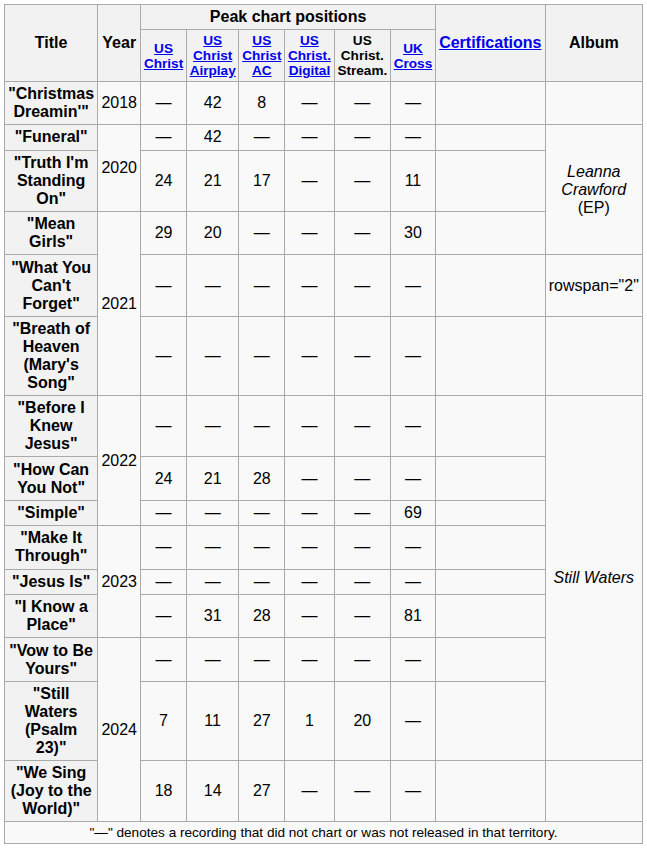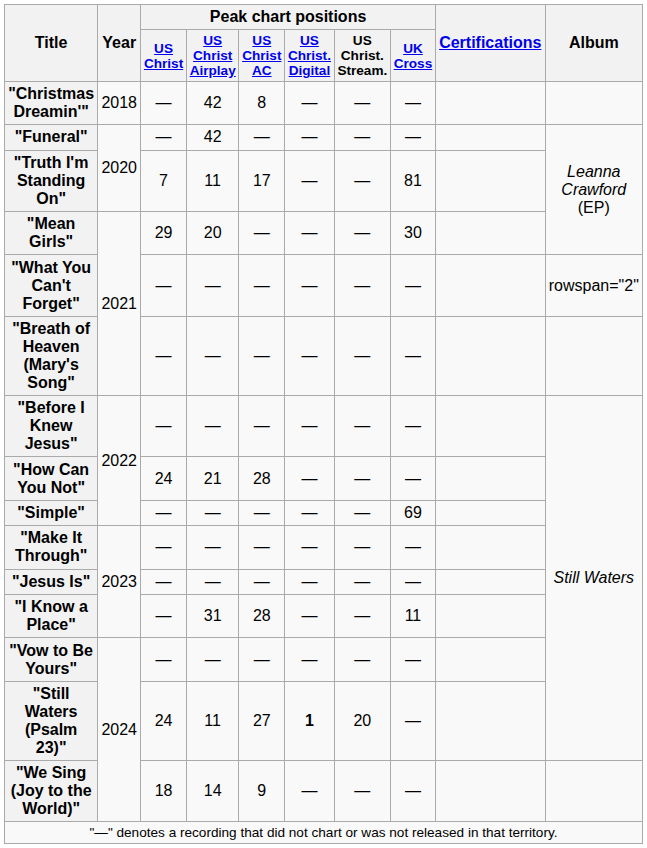 <table class="wikitable plainrowheaders" style="text-align:center;">
 <tr>
 <th rowspan="2" scope="col" style="width:16em;">Title</th>
 <th rowspan="2">Year</th>
 <th colspan="6">Peak chart positions</th>
 <th rowspan="2"><a href='#'>Certifications</a></th>
 <th rowspan="2">Album</th>
 </tr>
 <tr>
 <th scope="col" style="width:3em;font-size:85%;"><a href='#'>US<br>Christ</a><br></th>
 <th scope="col" style="width:3em;font-size:85%;"><a href='#'>US<br>Christ<br>Airplay</a><br></th>
 <th scope="col" style="width:3em;font-size:85%;"><a href='#'>US<br>Christ<br>AC</a><br></th>
 <th scope="col" style="width:3em;font-size:85%;"><a href='#'>US<br>Christ.<br>Digital</a><br></th>
 <th scope="col" style="width:3em;font-size:85%;">US<br>Christ.<br>Stream.<br></th>
 <th scope="col" style="width:3em;font-size:85%;"><a href='#'>UK<br>Cross</a><br></th>
 </tr>
 <tr>
 <th scope="row">"Christmas Dreamin'"</th>
 <td>2018</td>
 <td>—</td>
 <td>42</td>
 <td>8</td>
 <td>—</td>
 <td>—</td>
 <td>—</td>
 <td></td>
 <td></td>
 </tr>
 <tr>
 <th scope="row">"Funeral"</th>
 <td rowspan="2">2020</td>
 <td>—</td>
 <td>42</td>
 <td>—</td>
 <td>—</td>
 <td>—</td>
 <td>—</td>
 <td></td>
 <td rowspan="3"><em>Leanna Crawford</em> (EP)</td>
 </tr>
 <tr>
 <th scope="row">"Truth I'm Standing On"</th>
-<td>24</td>
-<td>21</td>
+<td>7</td>
+<td>11</td>
 <td>17</td>
 <td>—</td>
 <td>—</td>
-<td>11</td>
+<td>81</td>
 <td></td>
 </tr>
 <tr>
 <th scope="row">"Mean Girls"<br></th>
 <td rowspan="3">2021</td>
 <td>29</td>
 <td>20</td>
 <td>—</td>
 <td>—</td>
 <td>—</td>
 <td>30</td>
 <td></td>
 </tr>
 <tr>
 <th scope="row">"What You Can't Forget"</th>
 <td>—</td>
 <td>—</td>
 <td>—</td>
 <td>—</td>
 <td>—</td>
 <td>—</td>
 <td></td>
 <td>rowspan="2" </td>
 </tr>
 <tr>
 <th scope="row">"Breath of Heaven (Mary's Song"</th>
 <td>—</td>
 <td>—</td>
 <td>—</td>
 <td>—</td>
 <td>—</td>
 <td>—</td>
 <td></td>
 </tr>
 <tr>
 <th scope="row">"Before I Knew Jesus"</th>
 <td rowspan="3">2022</td>
 <td>—</td>
 <td>—</td>
 <td>—</td>
 <td>—</td>
 <td>—</td>
 <td>—</td>
 <td></td>
 <td rowspan="8"><em>Still Waters</em></td>
 </tr>
 <tr>
 <th scope="row">"How Can You Not"</th>
 <td>24</td>
 <td>21</td>
 <td>28</td>
 <td>—</td>
 <td>—</td>
 <td>—</td>
 <td></td>
 </tr>
 <tr>
 <th scope="row">"Simple"</th>
 <td>—</td>
 <td>—</td>
 <td>—</td>
 <td>—</td>
 <td>—</td>
 <td>69</td>
 <td></td>
 </tr>
 <tr>
 <th scope="row">"Make It Through"</th>
 <td rowspan="3">2023</td>
 <td>—</td>
 <td>—</td>
 <td>—</td>
 <td>—</td>
 <td>—</td>
 <td>—</td>
 <td></td>
 </tr>
 <tr>
 <th scope="row">"Jesus Is"</th>
 <td>—</td>
 <td>—</td>
 <td>—</td>
 <td>—</td>
 <td>—</td>
 <td>—</td>
 <td></td>
 </tr>
 <tr>
 <th scope="row">"I Know a Place"</th>
 <td>—</td>
 <td>31</td>
 <td>28</td>
 <td>—</td>
 <td>—</td>
-<td>81</td>
+<td>11</td>
 <td></td>
 </tr>
 <tr>
 <th scope="row">"Vow to Be Yours"</th>
 <td rowspan="3">2024</td>
 <td>—</td>
 <td>—</td>
 <td>—</td>
 <td>—</td>
 <td>—</td>
 <td>—</td>
 <td></td>
 </tr>
 <tr>
 <th scope="row">"Still Waters (Psalm 23)"</th>
-<td>7</td>
+<td>24</td>
 <td>11</td>
 <td>27</td>
-<td>1</td>
+<td><strong>1</strong></td>
 <td>20</td>
 <td>—</td>
 <td></td>
 </tr>
 <tr>
 <th scope="row">"We Sing (Joy to the World)"<br></th>
 <td>18</td>
 <td>14</td>
-<td>27</td>
+<td>9</td>
 <td>—</td>
 <td>—</td>
 <td>—</td>
 <td></td>
 <td></td>
 </tr>
 <tr>
 <td colspan="15" style="font-size:85%">"—" denotes a recording that did not chart or was not released in that territory.</td>
 </tr>
 </table>
